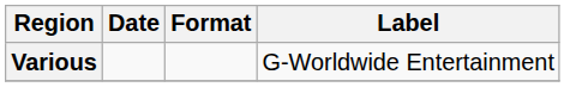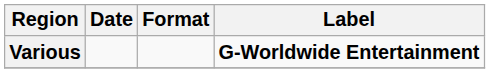 <table class="wikitable plainrowheaders">
 <tr>
 <th scope="col">Region</th>
 <th scope="col">Date</th>
 <th scope="col">Format</th>
 <th scope="col">Label</th>
 </tr>
 <tr>
 <th scope="row">Various</th>
 <td></td>
 <td></td>
-<td rowspan="1">G-Worldwide Entertainment</td>
+<td rowspan="1"><strong>G-Worldwide Entertainment</strong></td>
 </tr>
 <tr>
 </tr>
 </table>
